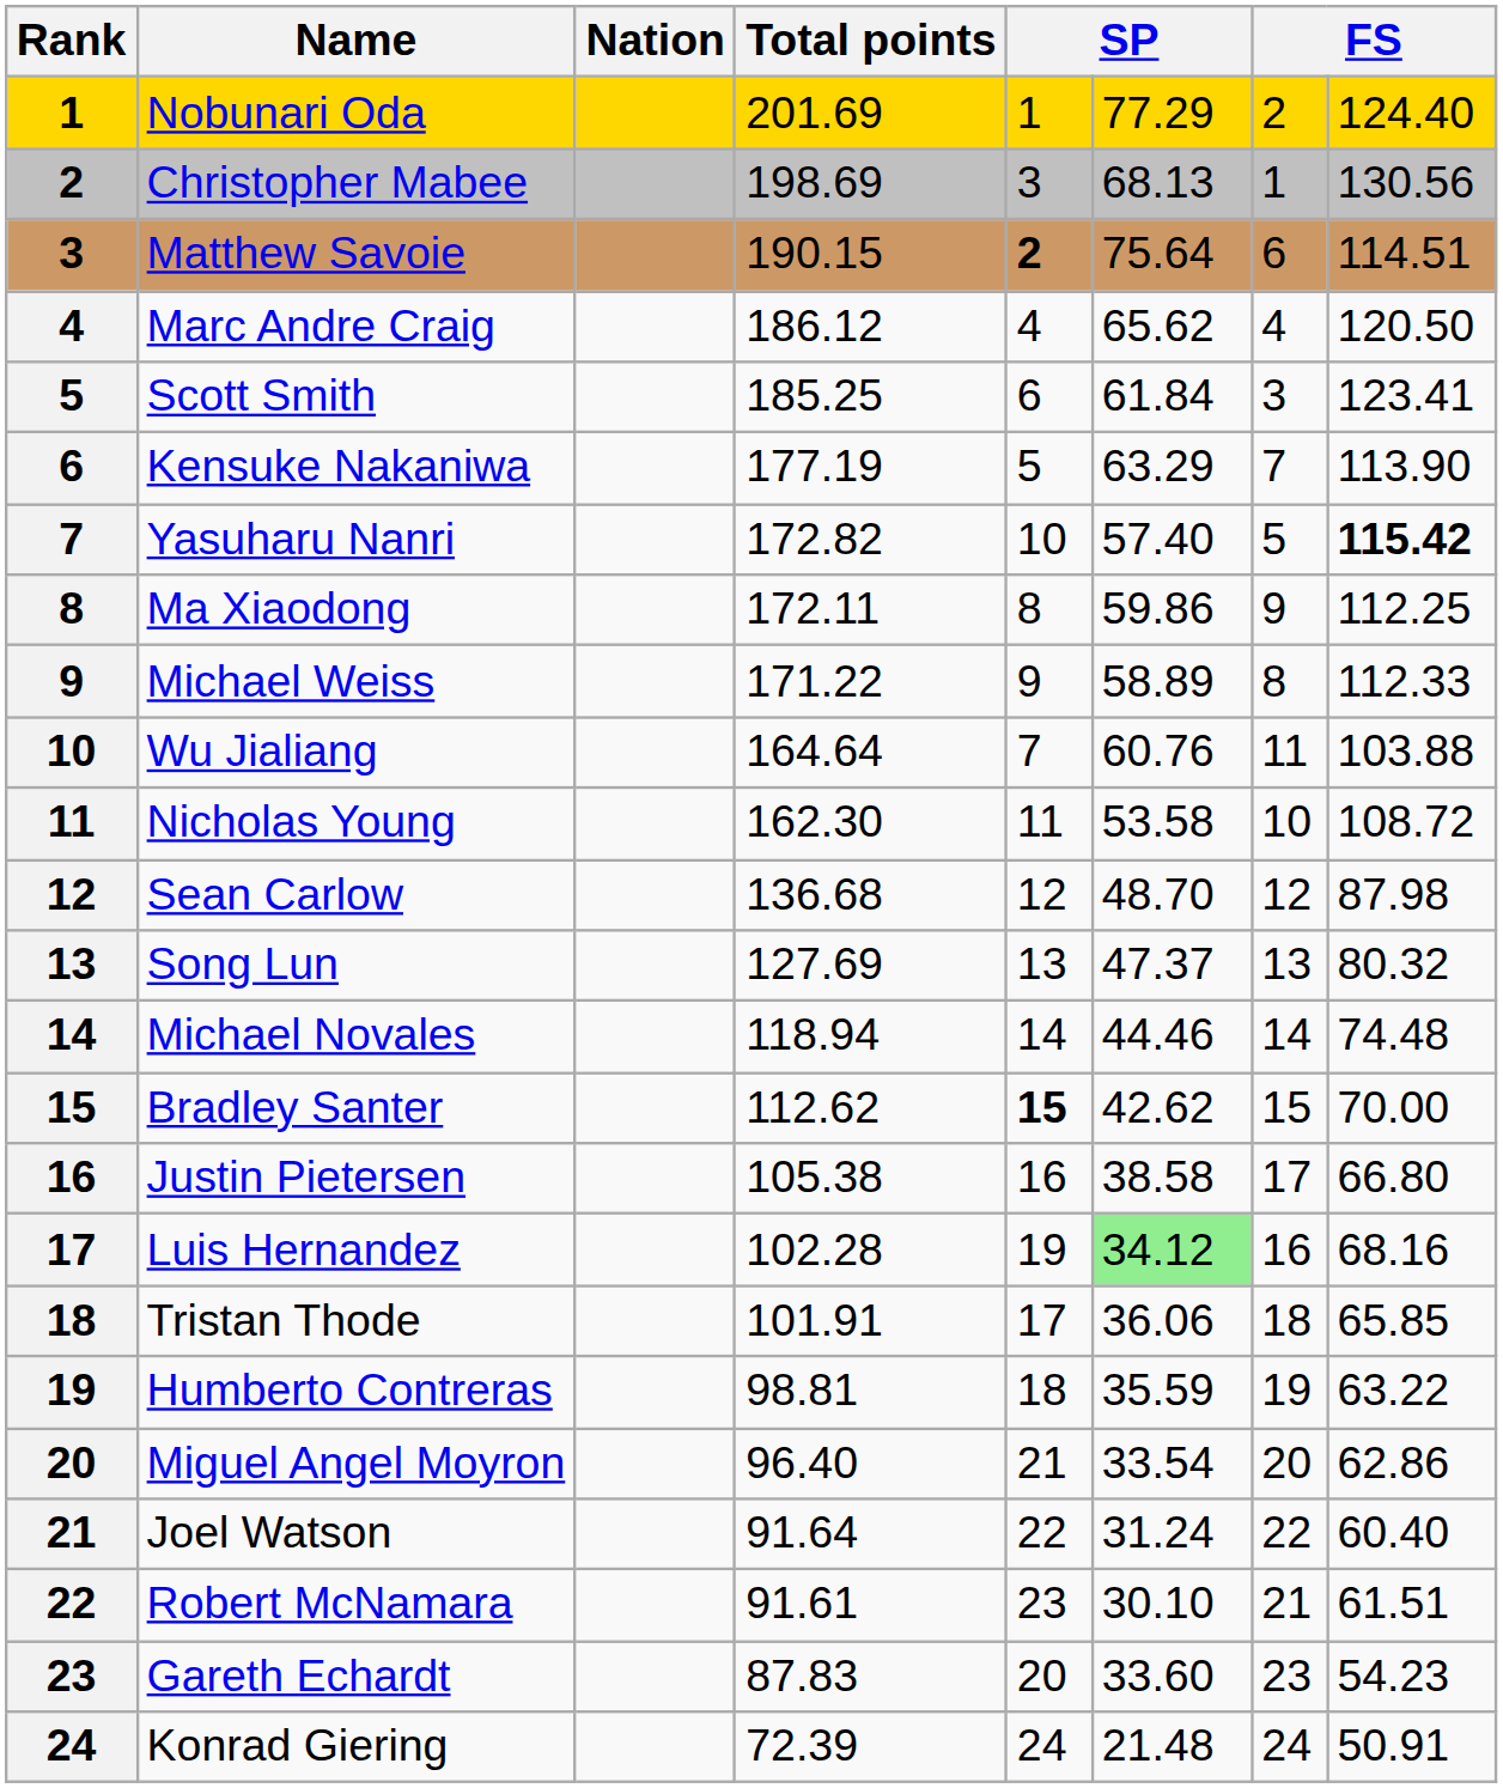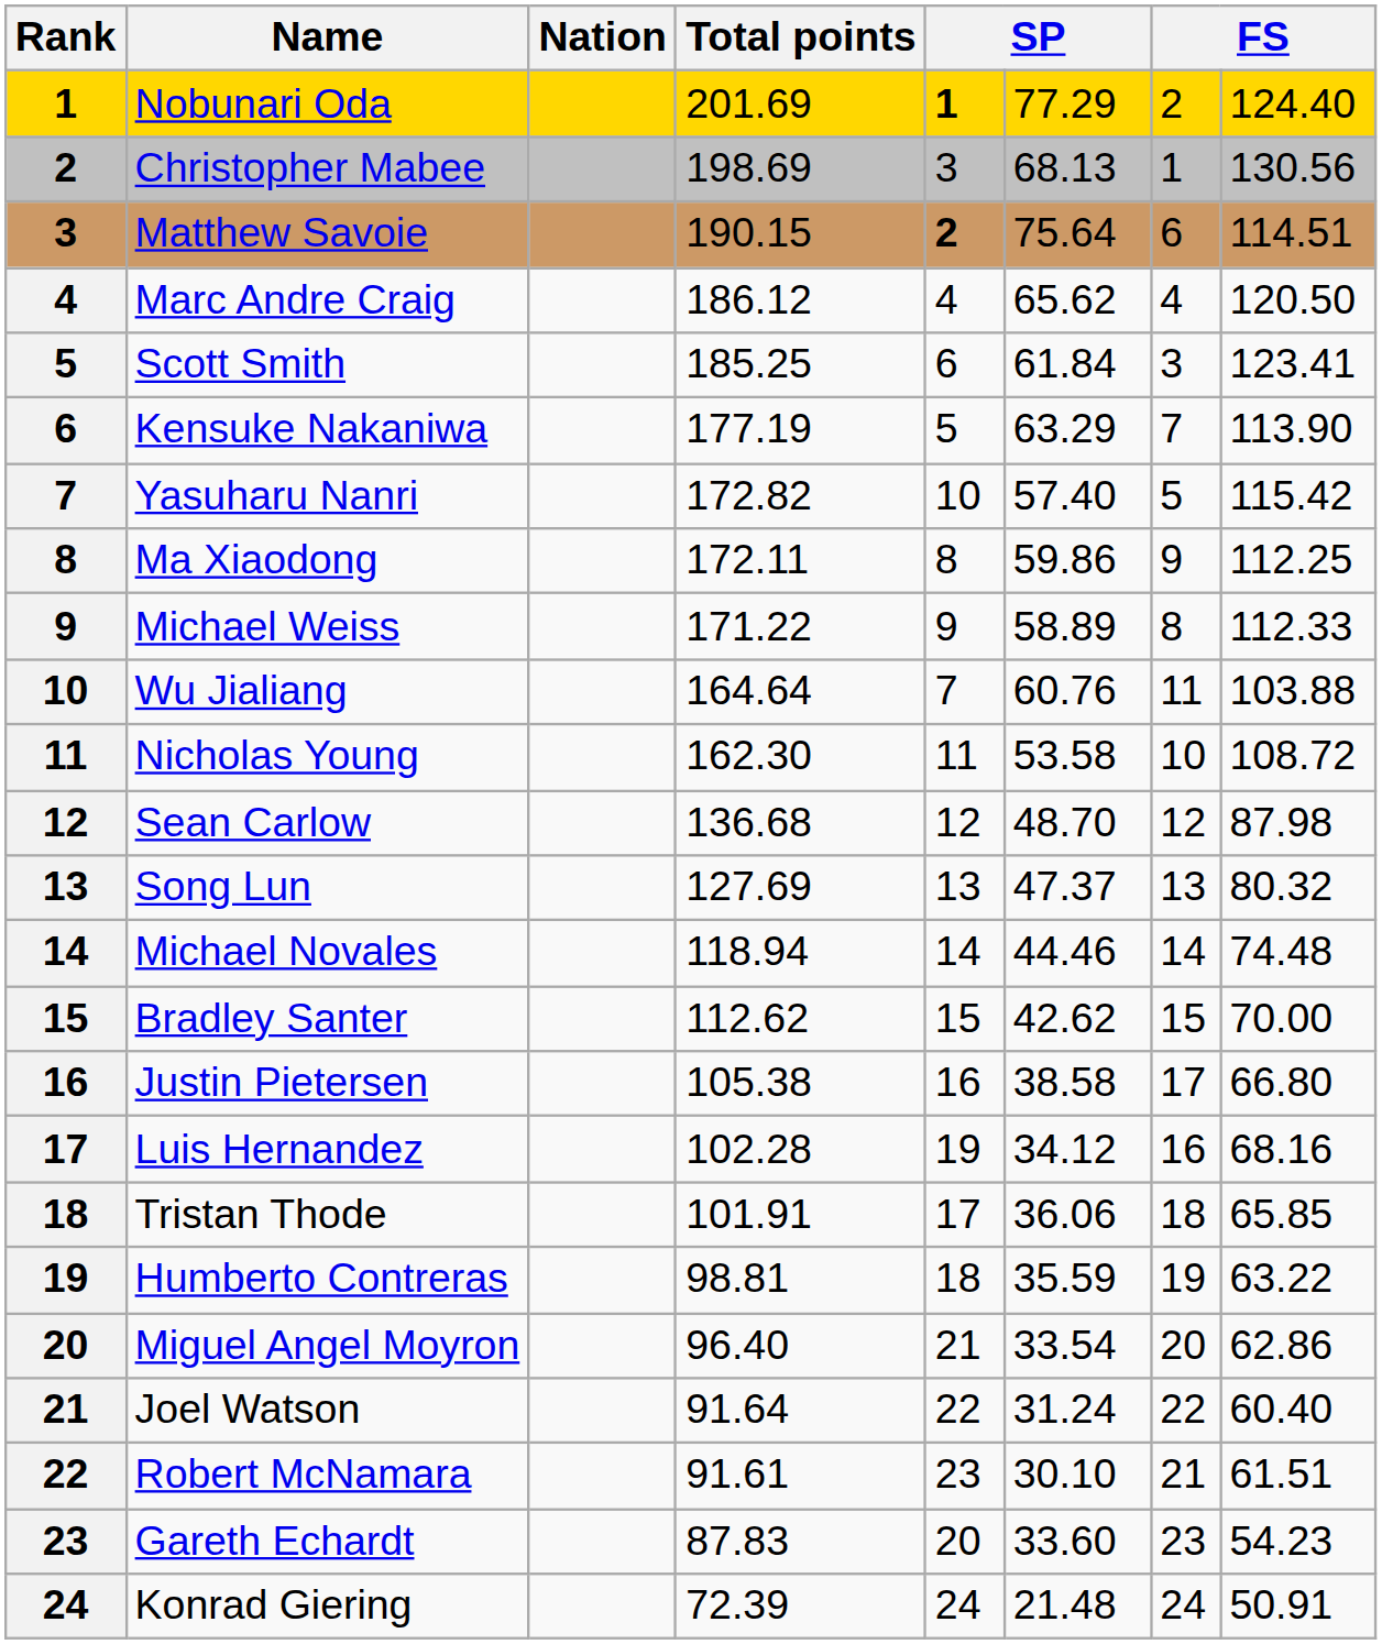 <table class="wikitable">
 <tr>
 <th>Rank</th>
 <th>Name</th>
 <th>Nation</th>
 <th>Total points</th>
 <th colspan="2" width="80px"><a href='#'>SP</a></th>
 <th colspan="2" width="80px"><a href='#'>FS</a></th>
 </tr>
 <tr bgcolor="gold">
 <td align="center"><strong>1</strong></td>
 <td><a href='#'>Nobunari Oda</a></td>
 <td></td>
 <td>201.69</td>
-<td>1</td>
+<td><strong>1</strong></td>
 <td>77.29</td>
 <td>2</td>
 <td>124.40</td>
 </tr>
 <tr bgcolor="silver">
 <td align="center"><strong>2</strong></td>
 <td><a href='#'>Christopher Mabee</a></td>
 <td></td>
 <td>198.69</td>
 <td>3</td>
 <td>68.13</td>
 <td>1</td>
 <td>130.56</td>
 </tr>
 <tr bgcolor="cc9966">
 <td align="center"><strong>3</strong></td>
 <td><a href='#'>Matthew Savoie</a></td>
 <td></td>
 <td>190.15</td>
 <td><strong>2</strong></td>
 <td>75.64</td>
 <td>6</td>
 <td>114.51</td>
 </tr>
 <tr>
 <th>4</th>
 <td><a href='#'>Marc Andre Craig</a></td>
 <td></td>
 <td>186.12</td>
 <td>4</td>
 <td>65.62</td>
 <td>4</td>
 <td>120.50</td>
 </tr>
 <tr>
 <th>5</th>
 <td><a href='#'>Scott Smith</a></td>
 <td></td>
 <td>185.25</td>
 <td>6</td>
 <td>61.84</td>
 <td>3</td>
 <td>123.41</td>
 </tr>
 <tr>
 <th>6</th>
 <td><a href='#'>Kensuke Nakaniwa</a></td>
 <td></td>
 <td>177.19</td>
 <td>5</td>
 <td>63.29</td>
 <td>7</td>
 <td>113.90</td>
 </tr>
 <tr>
 <th>7</th>
 <td><a href='#'>Yasuharu Nanri</a></td>
 <td></td>
 <td>172.82</td>
 <td>10</td>
 <td>57.40</td>
 <td>5</td>
-<td><strong>115.42</strong></td>
+<td>115.42</td>
 </tr>
 <tr>
 <th>8</th>
 <td><a href='#'>Ma Xiaodong</a></td>
 <td></td>
 <td>172.11</td>
 <td>8</td>
 <td>59.86</td>
 <td>9</td>
 <td>112.25</td>
 </tr>
 <tr>
 <th>9</th>
 <td><a href='#'>Michael Weiss</a></td>
 <td></td>
 <td>171.22</td>
 <td>9</td>
 <td>58.89</td>
 <td>8</td>
 <td>112.33</td>
 </tr>
 <tr>
 <th>10</th>
 <td><a href='#'>Wu Jialiang</a></td>
 <td></td>
 <td>164.64</td>
 <td>7</td>
 <td>60.76</td>
 <td>11</td>
 <td>103.88</td>
 </tr>
 <tr>
 <th>11</th>
 <td><a href='#'>Nicholas Young</a></td>
 <td></td>
 <td>162.30</td>
 <td>11</td>
 <td>53.58</td>
 <td>10</td>
 <td>108.72</td>
 </tr>
 <tr>
 <th>12</th>
 <td><a href='#'>Sean Carlow</a></td>
 <td></td>
 <td>136.68</td>
 <td>12</td>
 <td>48.70</td>
 <td>12</td>
 <td>87.98</td>
 </tr>
 <tr>
 <th>13</th>
 <td><a href='#'>Song Lun</a></td>
 <td></td>
 <td>127.69</td>
 <td>13</td>
 <td>47.37</td>
 <td>13</td>
 <td>80.32</td>
 </tr>
 <tr>
 <th>14</th>
 <td><a href='#'>Michael Novales</a></td>
 <td></td>
 <td>118.94</td>
 <td>14</td>
 <td>44.46</td>
 <td>14</td>
 <td>74.48</td>
 </tr>
 <tr>
 <th>15</th>
 <td><a href='#'>Bradley Santer</a></td>
 <td></td>
 <td>112.62</td>
-<td><strong>15</strong></td>
+<td>15</td>
 <td>42.62</td>
 <td>15</td>
 <td>70.00</td>
 </tr>
 <tr>
 <th>16</th>
 <td><a href='#'>Justin Pietersen</a></td>
 <td></td>
 <td>105.38</td>
 <td>16</td>
 <td>38.58</td>
 <td>17</td>
 <td>66.80</td>
 </tr>
 <tr>
 <th>17</th>
 <td><a href='#'>Luis Hernandez</a></td>
 <td></td>
 <td>102.28</td>
 <td>19</td>
-<td style="background: lightgreen;">34.12</td>
+<td>34.12</td>
 <td>16</td>
 <td>68.16</td>
 </tr>
 <tr>
 <th>18</th>
 <td>Tristan Thode</td>
 <td></td>
 <td>101.91</td>
 <td>17</td>
 <td>36.06</td>
 <td>18</td>
 <td>65.85</td>
 </tr>
 <tr>
 <th>19</th>
 <td><a href='#'>Humberto Contreras</a></td>
 <td></td>
 <td>98.81</td>
 <td>18</td>
 <td>35.59</td>
 <td>19</td>
 <td>63.22</td>
 </tr>
 <tr>
 <th>20</th>
 <td><a href='#'>Miguel Angel Moyron</a></td>
 <td></td>
 <td>96.40</td>
 <td>21</td>
 <td>33.54</td>
 <td>20</td>
 <td>62.86</td>
 </tr>
 <tr>
 <th>21</th>
 <td>Joel Watson</td>
 <td></td>
 <td>91.64</td>
 <td>22</td>
 <td>31.24</td>
 <td>22</td>
 <td>60.40</td>
 </tr>
 <tr>
 <th>22</th>
 <td><a href='#'>Robert McNamara</a></td>
 <td></td>
 <td>91.61</td>
 <td>23</td>
 <td>30.10</td>
 <td>21</td>
 <td>61.51</td>
 </tr>
 <tr>
 <th>23</th>
 <td><a href='#'>Gareth Echardt</a></td>
 <td></td>
 <td>87.83</td>
 <td>20</td>
 <td>33.60</td>
 <td>23</td>
 <td>54.23</td>
 </tr>
 <tr>
 <th>24</th>
 <td>Konrad Giering</td>
 <td></td>
 <td>72.39</td>
 <td>24</td>
 <td>21.48</td>
 <td>24</td>
 <td>50.91</td>
 </tr>
 </table>
